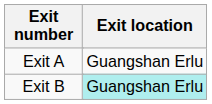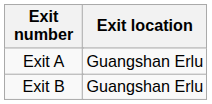 <table class="wikitable">
 <tr>
 <th style="width:70px" colspan="2">Exit number</th>
 <th>Exit location</th>
 </tr>
 <tr>
 <td align="center" colspan="2">Exit A</td>
 <td>Guangshan Erlu</td>
 </tr>
 <tr>
 <td align="center" colspan="2">Exit B</td>
-<td style="background: paleturquoise;">Guangshan Erlu</td>
+<td>Guangshan Erlu</td>
 </tr>
 </table>
